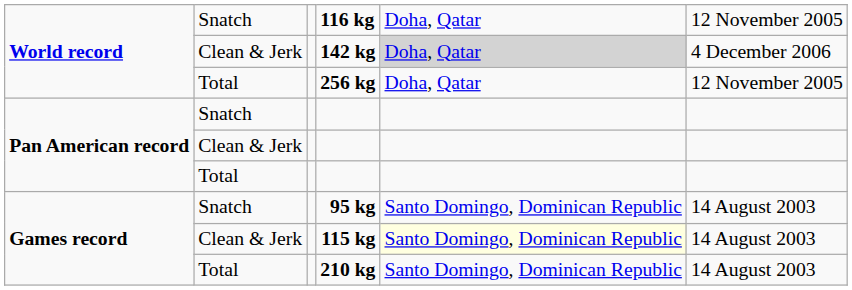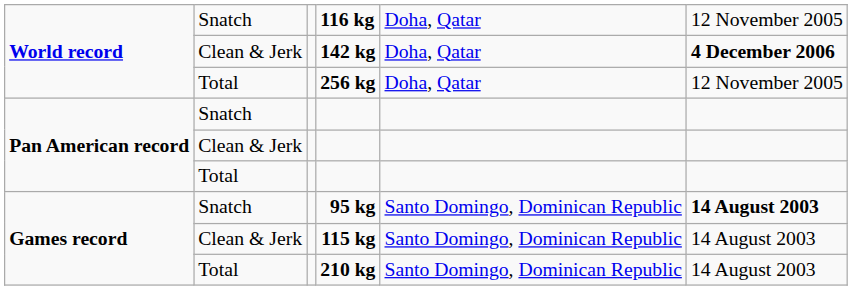 <table class="wikitable">
 <tr>
 <td rowspan=3><strong><a href='#'>World record</a></strong></td>
 <td>Snatch</td>
 <td></td>
 <td><strong>116 kg</strong></td>
 <td><a href='#'>Doha</a>, <a href='#'>Qatar</a></td>
 <td>12 November 2005</td>
 </tr>
 <tr>
 <td>Clean & Jerk</td>
 <td></td>
 <td><strong>142 kg</strong></td>
-<td style="background: lightgrey;"><a href='#'>Doha</a>, <a href='#'>Qatar</a></td>
-<td>4 December 2006</td>
+<td><a href='#'>Doha</a>, <a href='#'>Qatar</a></td>
+<td><strong>4 December 2006</strong></td>
 </tr>
 <tr>
 <td>Total</td>
 <td></td>
 <td><strong>256 kg</strong></td>
 <td><a href='#'>Doha</a>, <a href='#'>Qatar</a></td>
 <td>12 November 2005</td>
 </tr>
 <tr>
 <td rowspan=3><strong>Pan American record</strong></td>
 <td>Snatch</td>
 <td></td>
 <td></td>
 <td></td>
 <td></td>
 </tr>
 <tr>
 <td>Clean & Jerk</td>
 <td></td>
 <td></td>
 <td></td>
 <td></td>
 </tr>
 <tr>
 <td>Total</td>
 <td></td>
 <td></td>
 <td></td>
 <td></td>
 </tr>
 <tr>
 <td rowspan=3><strong>Games record</strong></td>
 <td>Snatch</td>
 <td></td>
 <td align=right><strong>95 kg</strong></td>
 <td><a href='#'>Santo Domingo</a>, <a href='#'>Dominican Republic</a></td>
-<td>14 August 2003</td>
+<td><strong>14 August 2003</strong></td>
 </tr>
 <tr>
 <td>Clean & Jerk</td>
 <td></td>
 <td align=right><strong>115 kg</strong></td>
-<td style="background: lightyellow;"><a href='#'>Santo Domingo</a>, <a href='#'>Dominican Republic</a></td>
+<td><a href='#'>Santo Domingo</a>, <a href='#'>Dominican Republic</a></td>
 <td>14 August 2003</td>
 </tr>
 <tr>
 <td>Total</td>
 <td></td>
 <td align=right><strong>210 kg</strong></td>
 <td><a href='#'>Santo Domingo</a>, <a href='#'>Dominican Republic</a></td>
 <td>14 August 2003</td>
 </tr>
 </table>
